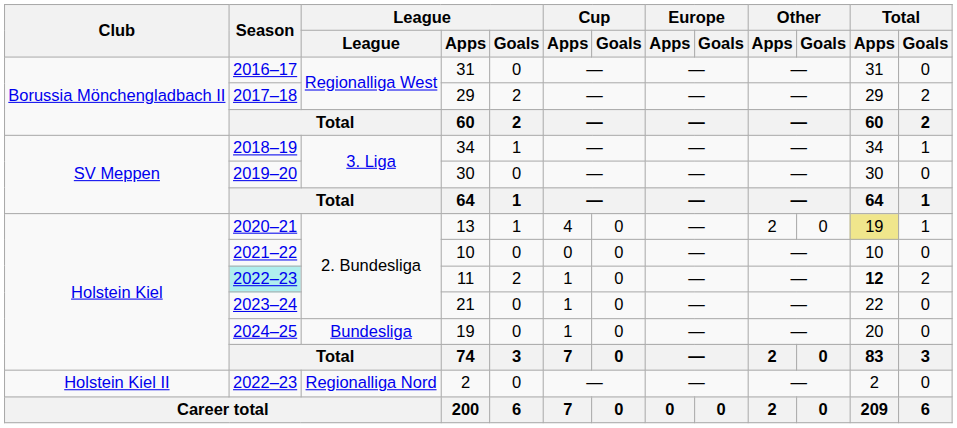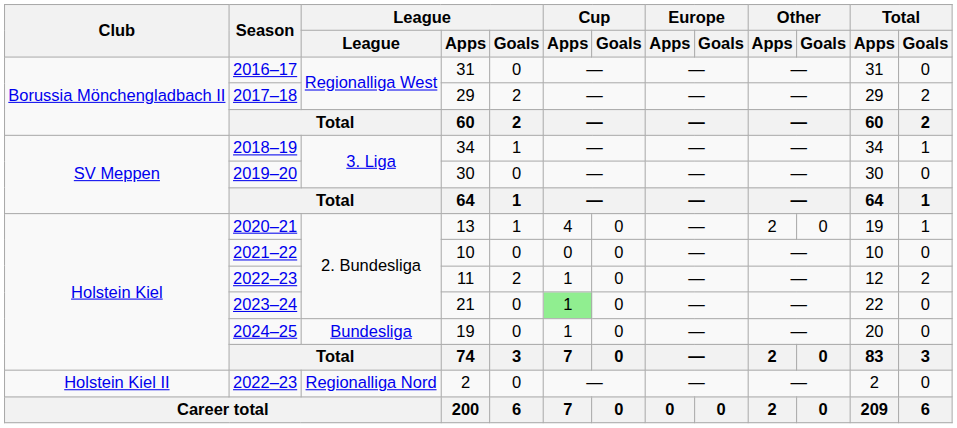 <table class="wikitable" style="text-align:center">
 <tr>
 <th rowspan="2">Club</th>
 <th rowspan="2">Season</th>
 <th colspan="3">League</th>
 <th colspan="2">Cup</th>
 <th colspan="2">Europe</th>
 <th colspan="2">Other</th>
 <th colspan="2">Total</th>
 </tr>
 <tr>
 <th>League</th>
 <th>Apps</th>
 <th>Goals</th>
 <th>Apps</th>
 <th>Goals</th>
 <th>Apps</th>
 <th>Goals</th>
 <th>Apps</th>
 <th>Goals</th>
 <th>Apps</th>
 <th>Goals</th>
 </tr>
 <tr>
 <td rowspan="3"><a href='#'>Borussia Mönchengladbach II</a></td>
 <td><a href='#'>2016–17</a></td>
 <td rowspan="2"><a href='#'>Regionalliga West</a></td>
 <td>31</td>
 <td>0</td>
 <td colspan="2">—</td>
 <td colspan="2">—</td>
 <td colspan="2">—</td>
 <td>31</td>
 <td>0</td>
 </tr>
 <tr>
 <td><a href='#'>2017–18</a></td>
 <td>29</td>
 <td>2</td>
 <td colspan="2">—</td>
 <td colspan="2">—</td>
 <td colspan="2">—</td>
 <td>29</td>
 <td>2</td>
 </tr>
 <tr>
 <th colspan="2">Total</th>
 <th>60</th>
 <th>2</th>
 <th colspan="2">—</th>
 <th colspan="2">—</th>
 <th colspan="2">—</th>
 <th>60</th>
 <th>2</th>
 </tr>
 <tr>
 <td rowspan="3"><a href='#'>SV Meppen</a></td>
 <td><a href='#'>2018–19</a></td>
 <td rowspan="2"><a href='#'>3. Liga</a></td>
 <td>34</td>
 <td>1</td>
 <td colspan="2">—</td>
 <td colspan="2">—</td>
 <td colspan="2">—</td>
 <td>34</td>
 <td>1</td>
 </tr>
 <tr>
 <td><a href='#'>2019–20</a></td>
 <td>30</td>
 <td>0</td>
 <td colspan="2">—</td>
 <td colspan="2">—</td>
 <td colspan="2">—</td>
 <td>30</td>
 <td>0</td>
 </tr>
 <tr>
 <th colspan="2">Total</th>
 <th>64</th>
 <th>1</th>
 <th colspan="2">—</th>
 <th colspan="2">—</th>
 <th colspan="2">—</th>
 <th>64</th>
 <th>1</th>
 </tr>
 <tr>
 <td rowspan="6"><a href='#'>Holstein Kiel</a></td>
 <td><a href='#'>2020–21</a></td>
 <td rowspan="4">2. Bundesliga</td>
 <td>13</td>
 <td>1</td>
 <td>4</td>
 <td>0</td>
 <td colspan="2">—</td>
 <td>2</td>
 <td>0</td>
-<td style="background: khaki;">19</td>
+<td>19</td>
 <td>1</td>
 </tr>
 <tr>
 <td><a href='#'>2021–22</a></td>
 <td>10</td>
 <td>0</td>
 <td>0</td>
 <td>0</td>
 <td colspan="2">—</td>
 <td colspan="2">—</td>
 <td>10</td>
 <td>0</td>
 </tr>
 <tr>
-<td style="background: paleturquoise;"><a href='#'>2022–23</a></td>
+<td><a href='#'>2022–23</a></td>
 <td>11</td>
 <td>2</td>
 <td>1</td>
 <td>0</td>
 <td colspan="2">—</td>
 <td colspan="2">—</td>
-<td><strong>12</strong></td>
+<td>12</td>
 <td>2</td>
 </tr>
 <tr>
 <td><a href='#'>2023–24</a></td>
 <td>21</td>
 <td>0</td>
-<td>1</td>
+<td style="background: lightgreen;">1</td>
 <td>0</td>
 <td colspan="2">—</td>
 <td colspan="2">—</td>
 <td>22</td>
 <td>0</td>
 </tr>
 <tr>
 <td><a href='#'>2024–25</a></td>
 <td><a href='#'>Bundesliga</a></td>
 <td>19</td>
 <td>0</td>
 <td>1</td>
 <td>0</td>
 <td colspan="2">—</td>
 <td colspan="2">—</td>
 <td>20</td>
 <td>0</td>
 </tr>
 <tr>
 <th colspan="2">Total</th>
 <th>74</th>
 <th>3</th>
 <th>7</th>
 <th>0</th>
 <th colspan="2">—</th>
 <th>2</th>
 <th>0</th>
 <th>83</th>
 <th>3</th>
 </tr>
 <tr>
 <td><a href='#'>Holstein Kiel II</a></td>
 <td><a href='#'>2022–23</a></td>
 <td><a href='#'>Regionalliga Nord</a></td>
 <td>2</td>
 <td>0</td>
 <td colspan="2">—</td>
 <td colspan="2">—</td>
 <td colspan="2">—</td>
 <td>2</td>
 <td>0</td>
 </tr>
 <tr>
 <th colspan="3">Career total</th>
 <th>200</th>
 <th>6</th>
 <th>7</th>
 <th>0</th>
 <th>0</th>
 <th>0</th>
 <th>2</th>
 <th>0</th>
 <th>209</th>
 <th>6</th>
 </tr>
 </table>
